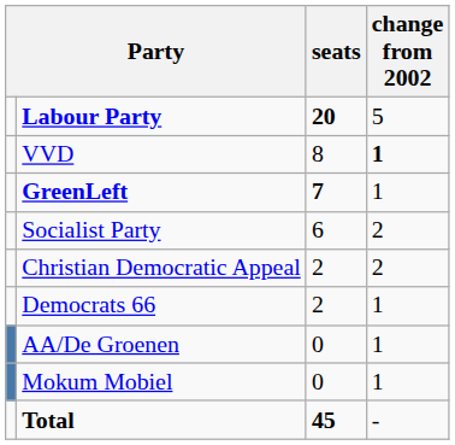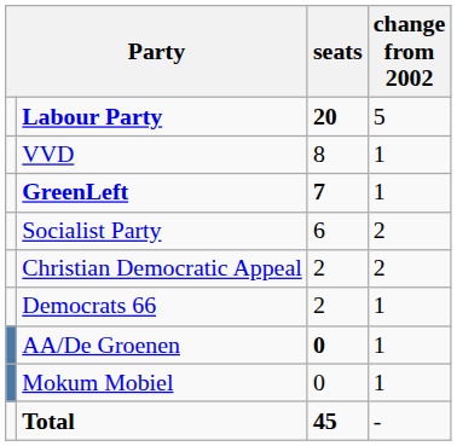 <table class="wikitable">
 <tr>
 <th colspan=2>Party</th>
 <th>seats</th>
 <th>change<br>from<br>2002</th>
 </tr>
 <tr>
 <td style="color:inherit;background:"></td>
 <td><strong><a href='#'>Labour Party</a></strong></td>
 <td><strong>20</strong></td>
 <td> 5</td>
 </tr>
 <tr>
 <td style="color:inherit;background:"></td>
 <td><a href='#'>VVD</a></td>
 <td>8</td>
-<td><strong> 1</strong></td>
+<td> 1</td>
 </tr>
 <tr>
 <td style="color:inherit;background:"></td>
 <td><strong><a href='#'>GreenLeft</a></strong></td>
 <td><strong>7</strong></td>
 <td> 1</td>
 </tr>
 <tr>
 <td style="color:inherit;background:"></td>
 <td><a href='#'>Socialist Party</a></td>
 <td>6</td>
 <td> 2</td>
 </tr>
 <tr>
 <td style="color:inherit;background:"></td>
 <td><a href='#'>Christian Democratic Appeal</a></td>
 <td>2</td>
 <td> 2</td>
 </tr>
 <tr>
 <td style="color:inherit;background:"></td>
 <td><a href='#'>Democrats 66</a></td>
 <td>2</td>
 <td> 1</td>
 </tr>
 <tr>
 <td bgcolor="#4878a8"></td>
 <td><a href='#'>AA/De Groenen</a></td>
-<td>0</td>
+<td><strong>0</strong></td>
 <td> 1</td>
 </tr>
 <tr>
 <td bgcolor="#4878a8"></td>
 <td><a href='#'>Mokum Mobiel</a></td>
 <td>0</td>
 <td> 1</td>
 </tr>
 <tr>
 <td></td>
 <td><strong>Total</strong></td>
 <td><strong>45</strong></td>
 <td>-</td>
 </tr>
 </table>
